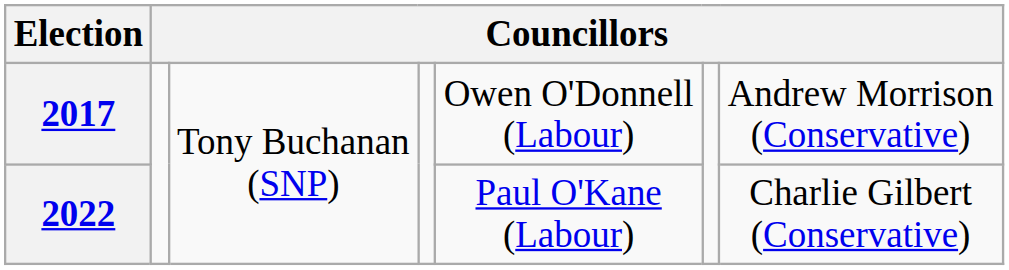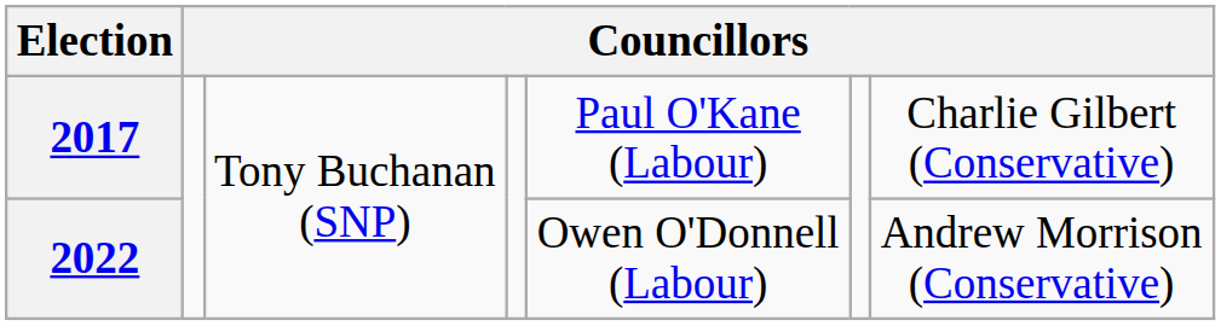 <table class="wikitable" style="text-align:center">
 <tr>
 <th>Election</th>
 <th colspan=8>Councillors</th>
 </tr>
 <tr>
 <th><a href='#'>2017</a></th>
 <td rowspan=2; style="background-color: "></td>
 <td rowspan=2>Tony Buchanan<br>(<a href='#'>SNP</a>)</td>
 <td rowspan=2; style="background-color: "></td>
-<td rowspan=1>Owen O'Donnell<br>(<a href='#'>Labour</a>)</td>
+<td rowspan=1><a href='#'>Paul O'Kane</a><br>(<a href='#'>Labour</a>)</td>
 <td rowspan=2; style="background-color: "></td>
-<td rowspan=1>Andrew Morrison<br>(<a href='#'>Conservative</a>)</td>
+<td rowspan=1>Charlie Gilbert<br>(<a href='#'>Conservative</a>)</td>
 </tr>
 <tr>
 <th><a href='#'>2022</a></th>
-<td rowspan=1><a href='#'>Paul O'Kane</a><br>(<a href='#'>Labour</a>)</td>
-<td rowspan=1>Charlie Gilbert<br>(<a href='#'>Conservative</a>)</td>
+<td rowspan=1>Owen O'Donnell<br>(<a href='#'>Labour</a>)</td>
+<td rowspan=1>Andrew Morrison<br>(<a href='#'>Conservative</a>)</td>
 </tr>
 </table>
